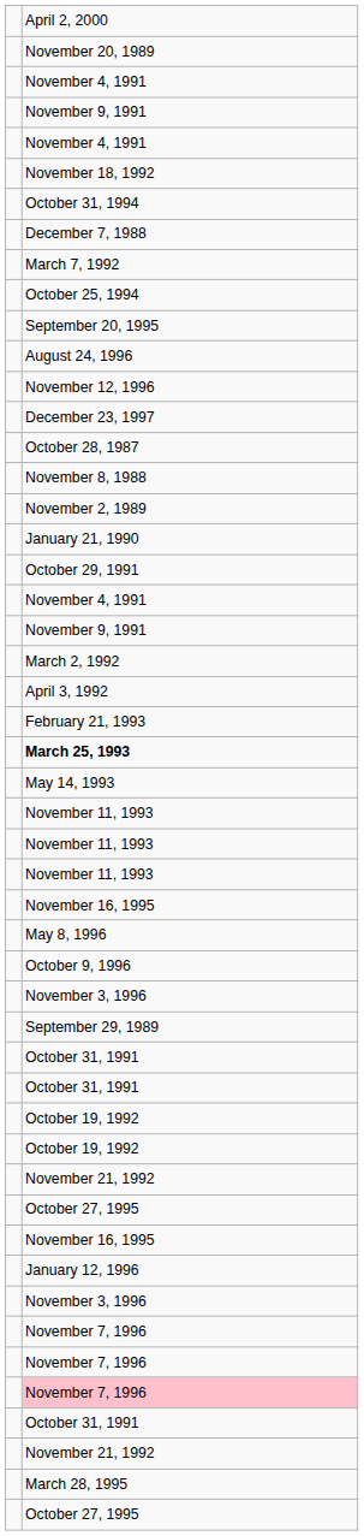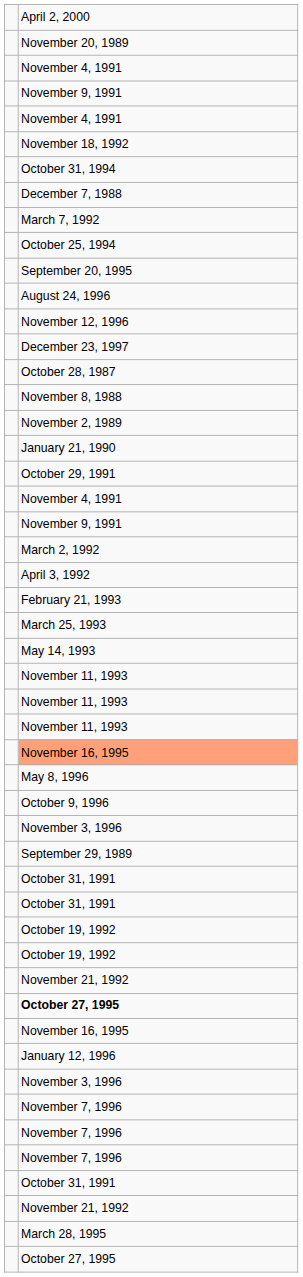 <table class="wikitable" style="font-size: 89%; float: left; width: 24em; margin-right: 1em; line-height: 1.6em !important;  height: 1250px;">
 <tr>
 <td></td>
 <td>April 2, 2000</td>
 </tr>
 <tr>
 <td></td>
 <td>November 20, 1989</td>
 </tr>
 <tr>
 <td></td>
 <td>November 4, 1991</td>
 </tr>
 <tr>
 <td></td>
 <td>November 9, 1991</td>
 </tr>
 <tr>
 <td></td>
 <td>November 4, 1991</td>
 </tr>
 <tr>
 <td></td>
 <td>November 18, 1992</td>
 </tr>
 <tr>
 <td></td>
 <td>October 31, 1994</td>
 </tr>
 <tr>
 <td></td>
 <td>December 7, 1988</td>
 </tr>
 <tr>
 <td></td>
 <td>March 7, 1992</td>
 </tr>
 <tr>
 <td></td>
 <td>October 25, 1994</td>
 </tr>
 <tr>
 <td></td>
 <td>September 20, 1995</td>
 </tr>
 <tr>
 <td></td>
 <td>August 24, 1996</td>
 </tr>
 <tr>
 <td></td>
 <td>November 12, 1996</td>
 </tr>
 <tr>
 <td></td>
 <td>December 23, 1997</td>
 </tr>
 <tr>
 <td></td>
 <td>October 28, 1987</td>
 </tr>
 <tr>
 <td></td>
 <td>November 8, 1988</td>
 </tr>
 <tr>
 <td></td>
 <td>November 2, 1989</td>
 </tr>
 <tr>
 <td></td>
 <td>January 21, 1990</td>
 </tr>
 <tr>
 <td></td>
 <td>October 29, 1991</td>
 </tr>
 <tr>
 <td></td>
 <td>November 4, 1991</td>
 </tr>
 <tr>
 <td></td>
 <td>November 9, 1991</td>
 </tr>
 <tr>
 <td></td>
 <td>March 2, 1992</td>
 </tr>
 <tr>
 <td></td>
 <td>April 3, 1992</td>
 </tr>
 <tr>
 <td></td>
 <td>February 21, 1993</td>
 </tr>
 <tr>
 <td></td>
-<td><strong>March 25, 1993</strong></td>
+<td>March 25, 1993</td>
 </tr>
 <tr>
 <td></td>
 <td>May 14, 1993</td>
 </tr>
 <tr>
 <td></td>
 <td>November 11, 1993</td>
 </tr>
 <tr>
 <td></td>
 <td>November 11, 1993</td>
 </tr>
 <tr>
 <td></td>
 <td>November 11, 1993</td>
 </tr>
 <tr>
 <td></td>
-<td>November 16, 1995</td>
+<td style="background: lightsalmon;">November 16, 1995</td>
 </tr>
 <tr>
 <td></td>
 <td>May 8, 1996</td>
 </tr>
 <tr>
 <td></td>
 <td>October 9, 1996</td>
 </tr>
 <tr>
 <td></td>
 <td>November 3, 1996</td>
 </tr>
 <tr>
 <td></td>
 <td>September 29, 1989</td>
 </tr>
 <tr>
 <td></td>
 <td>October 31, 1991</td>
 </tr>
 <tr>
 <td></td>
 <td>October 31, 1991</td>
 </tr>
 <tr>
 <td></td>
 <td>October 19, 1992</td>
 </tr>
 <tr>
 <td></td>
 <td>October 19, 1992</td>
 </tr>
 <tr>
 <td></td>
 <td>November 21, 1992</td>
 </tr>
 <tr>
 <td></td>
-<td>October 27, 1995</td>
+<td><strong>October 27, 1995</strong></td>
 </tr>
 <tr>
 <td></td>
 <td>November 16, 1995</td>
 </tr>
 <tr>
 <td></td>
 <td>January 12, 1996</td>
 </tr>
 <tr>
 <td></td>
 <td>November 3, 1996</td>
 </tr>
 <tr>
 <td></td>
 <td>November 7, 1996</td>
 </tr>
 <tr>
 <td></td>
 <td>November 7, 1996</td>
 </tr>
 <tr>
 <td></td>
-<td style="background: pink;">November 7, 1996</td>
+<td>November 7, 1996</td>
 </tr>
 <tr>
 <td></td>
 <td>October 31, 1991</td>
 </tr>
 <tr>
 <td></td>
 <td>November 21, 1992</td>
 </tr>
 <tr>
 <td></td>
 <td>March 28, 1995</td>
 </tr>
 <tr>
 <td></td>
 <td>October 27, 1995</td>
 </tr>
 </table>
